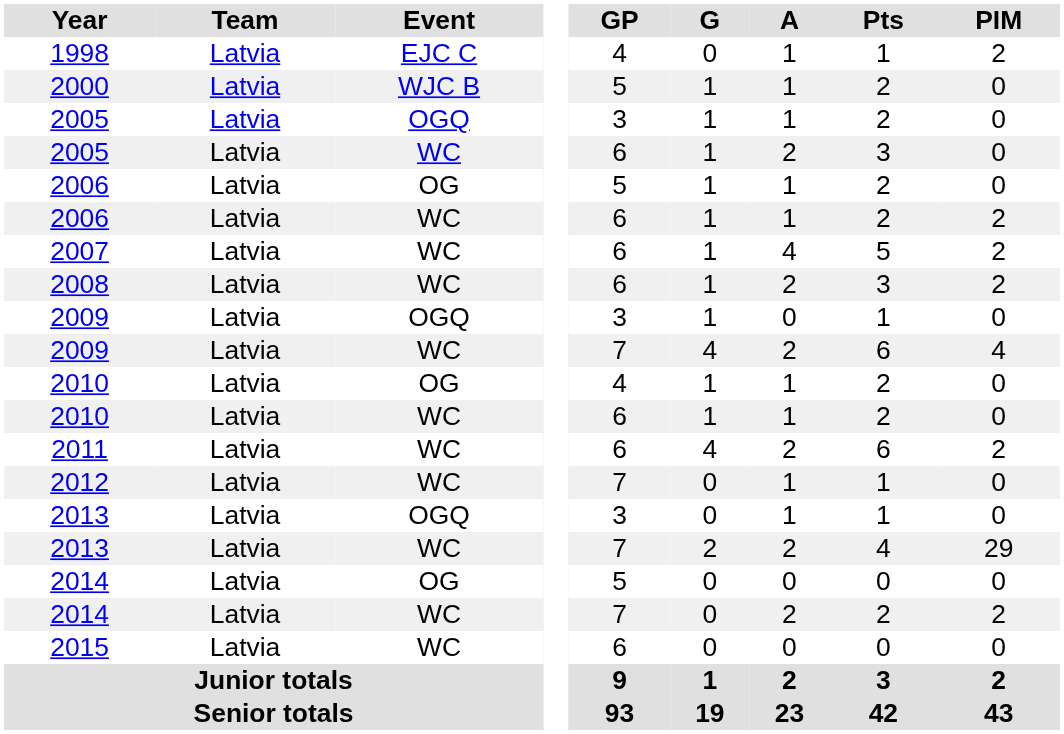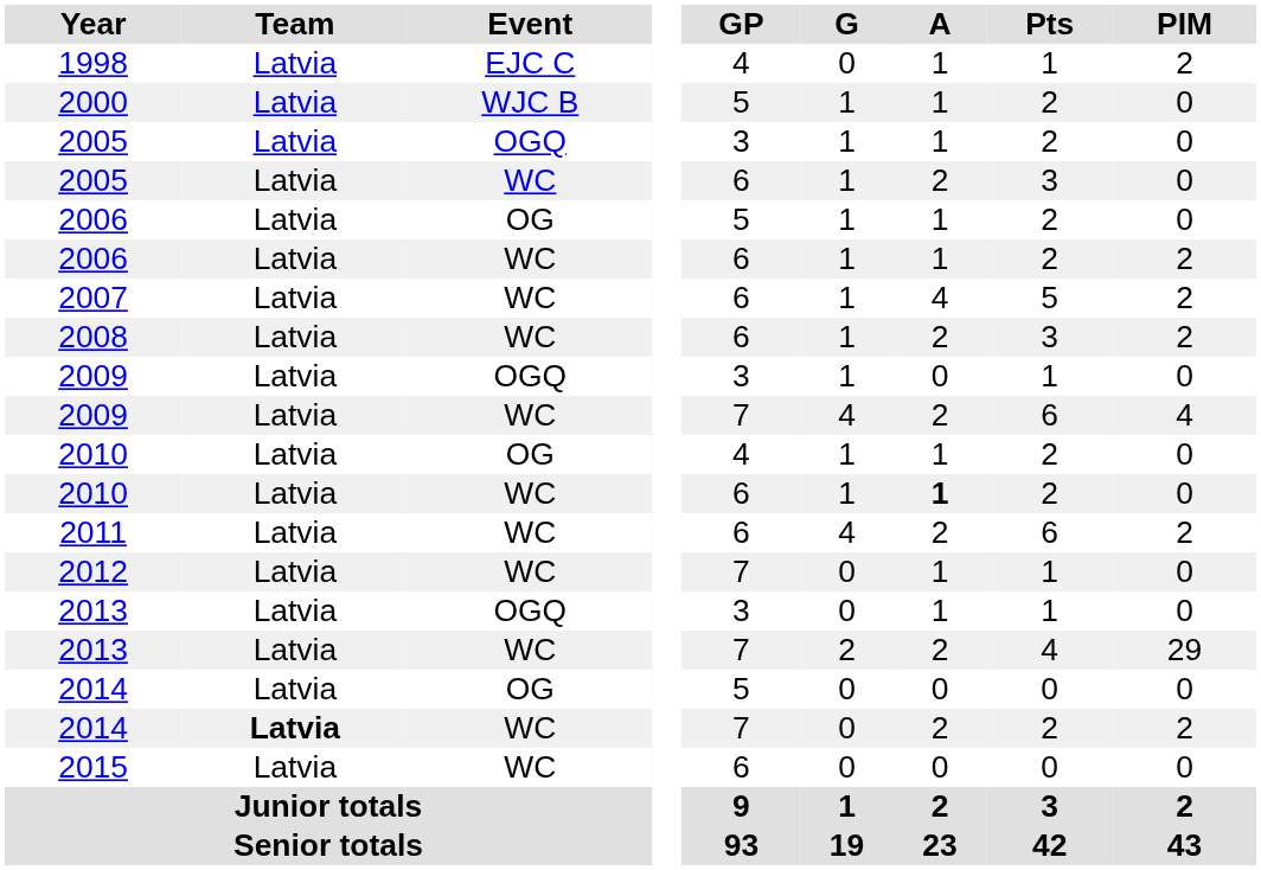 <table border="0" cellpadding="1" cellspacing="0" style="text-align:center; width:40em">
 <tr ALIGN="center" bgcolor="#e0e0e0">
 <th>Year</th>
 <th>Team</th>
 <th>Event</th>
 <th ALIGN="center" rowspan="99" bgcolor="#ffffff"> </th>
 <th>GP</th>
 <th>G</th>
 <th>A</th>
 <th>Pts</th>
 <th>PIM</th>
 </tr>
 <tr>
 <td><a href='#'>1998</a></td>
 <td><a href='#'>Latvia</a></td>
 <td><a href='#'>EJC C</a></td>
 <td>4</td>
 <td>0</td>
 <td>1</td>
 <td>1</td>
 <td>2</td>
 </tr>
 <tr bgcolor="#f0f0f0">
 <td><a href='#'>2000</a></td>
 <td><a href='#'>Latvia</a></td>
 <td><a href='#'>WJC B</a></td>
 <td>5</td>
 <td>1</td>
 <td>1</td>
 <td>2</td>
 <td>0</td>
 </tr>
 <tr>
 <td><a href='#'>2005</a></td>
 <td><a href='#'>Latvia</a></td>
 <td><a href='#'>OGQ</a></td>
 <td>3</td>
 <td>1</td>
 <td>1</td>
 <td>2</td>
 <td>0</td>
 </tr>
 <tr bgcolor="#f0f0f0">
 <td><a href='#'>2005</a></td>
 <td>Latvia</td>
 <td><a href='#'>WC</a></td>
 <td>6</td>
 <td>1</td>
 <td>2</td>
 <td>3</td>
 <td>0</td>
 </tr>
 <tr>
 <td><a href='#'>2006</a></td>
 <td>Latvia</td>
 <td>OG</td>
 <td>5</td>
 <td>1</td>
 <td>1</td>
 <td>2</td>
 <td>0</td>
 </tr>
 <tr bgcolor="#f0f0f0">
 <td><a href='#'>2006</a></td>
 <td>Latvia</td>
 <td>WC</td>
 <td>6</td>
 <td>1</td>
 <td>1</td>
 <td>2</td>
 <td>2</td>
 </tr>
 <tr>
 <td><a href='#'>2007</a></td>
 <td>Latvia</td>
 <td>WC</td>
 <td>6</td>
 <td>1</td>
 <td>4</td>
 <td>5</td>
 <td>2</td>
 </tr>
 <tr bgcolor="#f0f0f0">
 <td><a href='#'>2008</a></td>
 <td>Latvia</td>
 <td>WC</td>
 <td>6</td>
 <td>1</td>
 <td>2</td>
 <td>3</td>
 <td>2</td>
 </tr>
 <tr>
 <td><a href='#'>2009</a></td>
 <td>Latvia</td>
 <td>OGQ</td>
 <td>3</td>
 <td>1</td>
 <td>0</td>
 <td>1</td>
 <td>0</td>
 </tr>
 <tr bgcolor="#f0f0f0">
 <td><a href='#'>2009</a></td>
 <td>Latvia</td>
 <td>WC</td>
 <td>7</td>
 <td>4</td>
 <td>2</td>
 <td>6</td>
 <td>4</td>
 </tr>
 <tr>
 <td><a href='#'>2010</a></td>
 <td>Latvia</td>
 <td>OG</td>
 <td>4</td>
 <td>1</td>
 <td>1</td>
 <td>2</td>
 <td>0</td>
 </tr>
 <tr bgcolor="#f0f0f0">
 <td><a href='#'>2010</a></td>
 <td>Latvia</td>
 <td>WC</td>
 <td>6</td>
 <td>1</td>
-<td>1</td>
+<td><strong>1</strong></td>
 <td>2</td>
 <td>0</td>
 </tr>
 <tr>
 <td><a href='#'>2011</a></td>
 <td>Latvia</td>
 <td>WC</td>
 <td>6</td>
 <td>4</td>
 <td>2</td>
 <td>6</td>
 <td>2</td>
 </tr>
 <tr bgcolor="#f0f0f0">
 <td><a href='#'>2012</a></td>
 <td>Latvia</td>
 <td>WC</td>
 <td>7</td>
 <td>0</td>
 <td>1</td>
 <td>1</td>
 <td>0</td>
 </tr>
 <tr>
 <td><a href='#'>2013</a></td>
 <td>Latvia</td>
 <td>OGQ</td>
 <td>3</td>
 <td>0</td>
 <td>1</td>
 <td>1</td>
 <td>0</td>
 </tr>
 <tr bgcolor="#f0f0f0">
 <td><a href='#'>2013</a></td>
 <td>Latvia</td>
 <td>WC</td>
 <td>7</td>
 <td>2</td>
 <td>2</td>
 <td>4</td>
 <td>29</td>
 </tr>
 <tr>
 <td><a href='#'>2014</a></td>
 <td>Latvia</td>
 <td>OG</td>
 <td>5</td>
 <td>0</td>
 <td>0</td>
 <td>0</td>
 <td>0</td>
 </tr>
 <tr bgcolor="#f0f0f0">
 <td><a href='#'>2014</a></td>
-<td>Latvia</td>
+<td><strong>Latvia</strong></td>
 <td>WC</td>
 <td>7</td>
 <td>0</td>
 <td>2</td>
 <td>2</td>
 <td>2</td>
 </tr>
 <tr>
 <td><a href='#'>2015</a></td>
 <td>Latvia</td>
 <td>WC</td>
 <td>6</td>
 <td>0</td>
 <td>0</td>
 <td>0</td>
 <td>0</td>
 </tr>
 <tr bgcolor="#e0e0e0">
 <th colspan="3">Junior totals</th>
 <th>9</th>
 <th>1</th>
 <th>2</th>
 <th>3</th>
 <th>2</th>
 </tr>
 <tr bgcolor="#e0e0e0">
 <th colspan="3">Senior totals</th>
 <th>93</th>
 <th>19</th>
 <th>23</th>
 <th>42</th>
 <th>43</th>
 </tr>
 </table>
